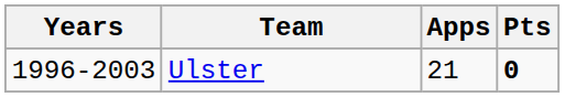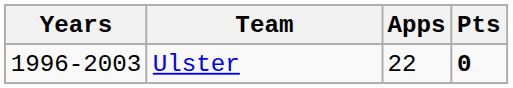 <table class="wikitable" style="text-align:left;">
 <tr>
 <th>Years</th>
 <th width=120px>Team</th>
 <th>Apps</th>
 <th>Pts</th>
 </tr>
 <tr>
 <td>1996-2003</td>
 <td><a href='#'>Ulster</a></td>
-<td>21</td>
+<td>22</td>
 <td><strong>0</strong></td>
 </tr>
 </table>
